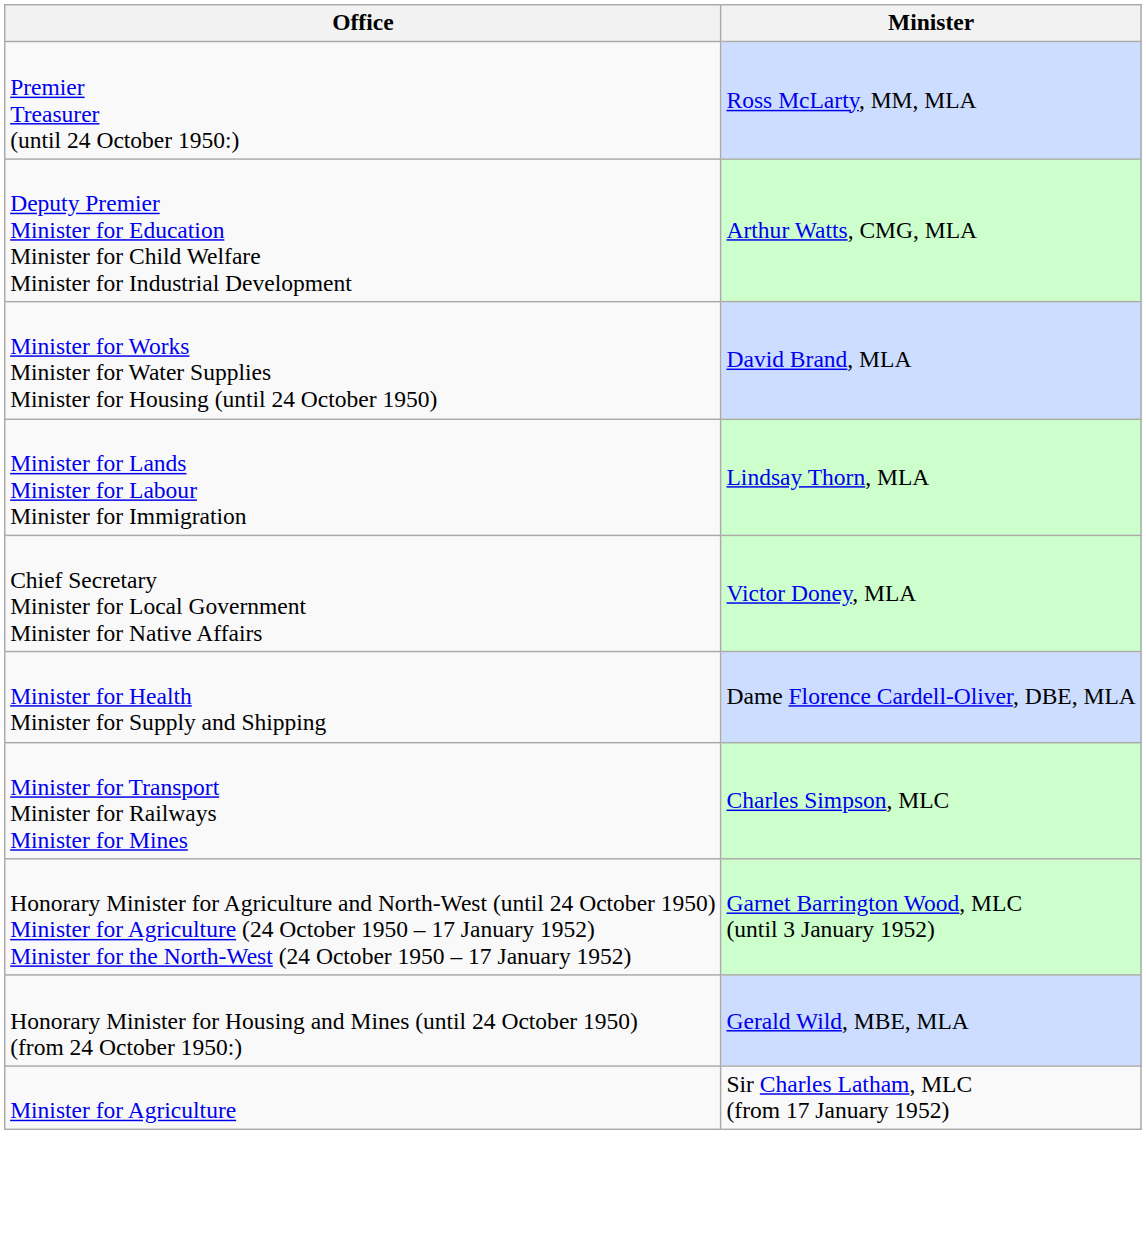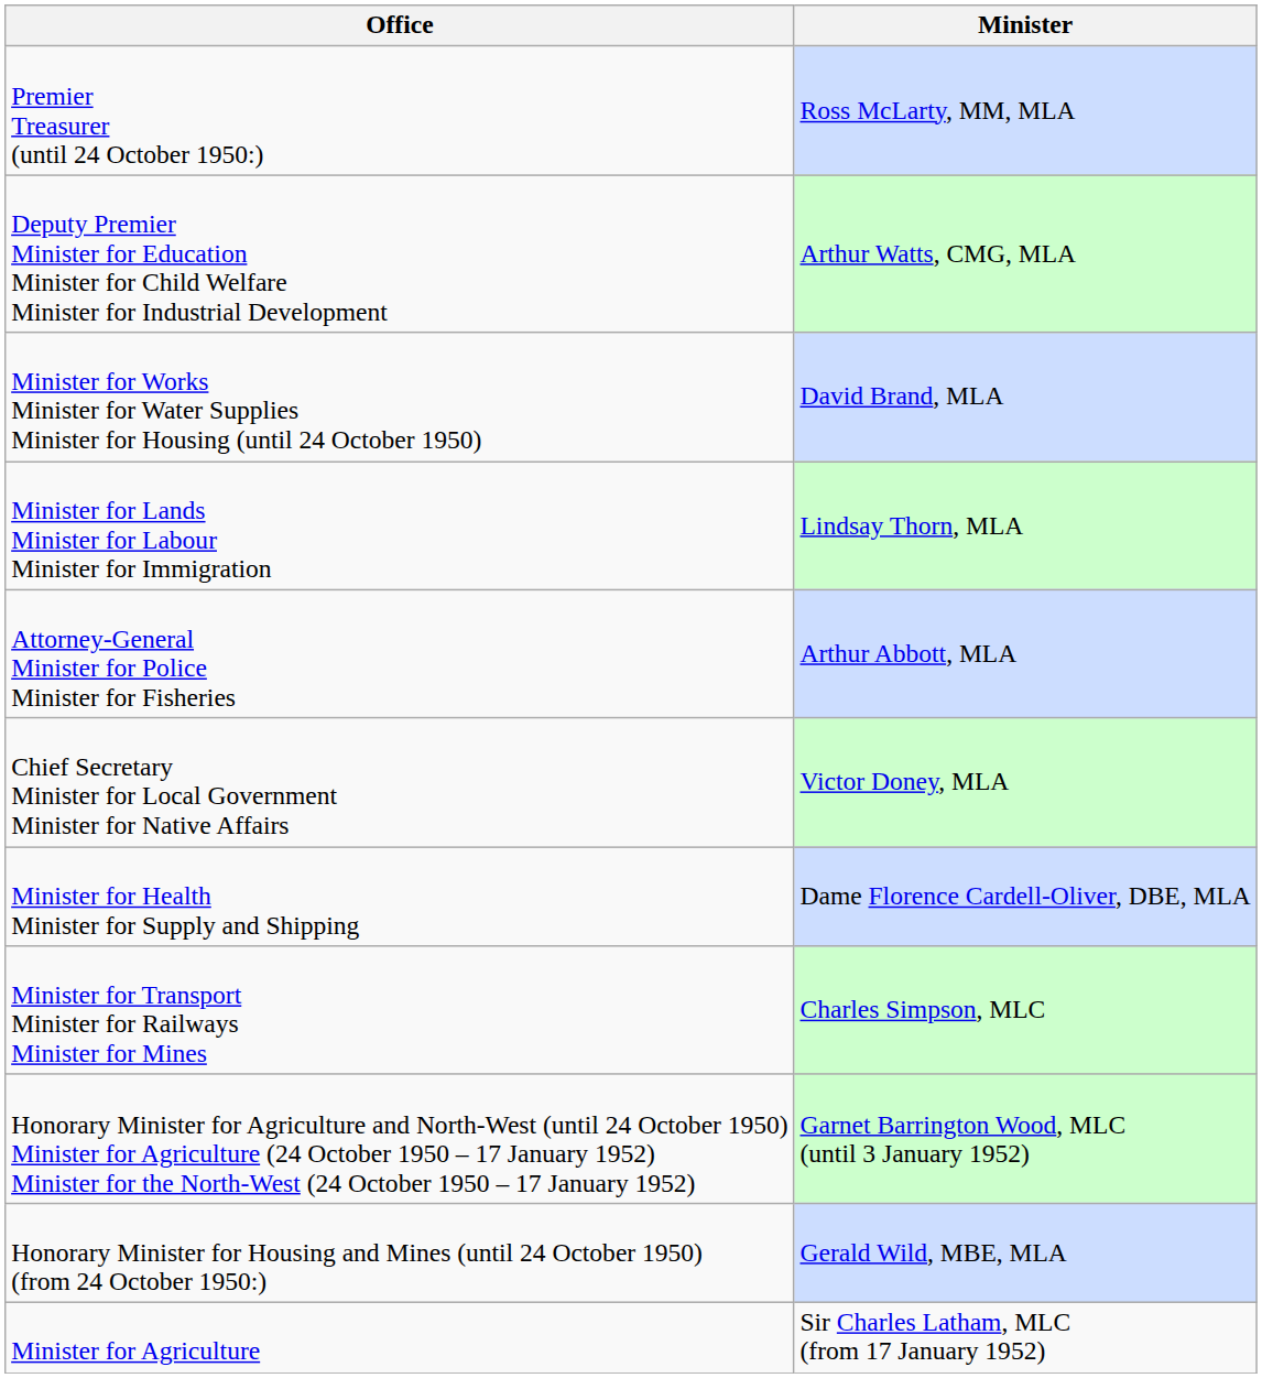 <table class="wikitable">
 <tr>
 <th>Office</th>
 <th>Minister</th>
 </tr>
 <tr>
 <td><br><a href='#'>Premier</a><br> <a href='#'>Treasurer</a><br>(until 24 October 1950:)</td>
 <td style="background:#CCDDFF"><a href='#'>Ross McLarty</a>, MM, MLA</td>
 </tr>
 <tr>
 <td><br><a href='#'>Deputy Premier</a><br> <a href='#'>Minister for Education</a><br> Minister for Child Welfare<br> Minister for Industrial Development<br></td>
 <td style="background:#CCFFCC"><a href='#'>Arthur Watts</a>, CMG, MLA</td>
 </tr>
 <tr>
 <td><br><a href='#'>Minister for Works</a><br> Minister for Water Supplies<br> Minister for Housing (until 24 October 1950)<br></td>
 <td style="background:#CCDDFF"><a href='#'>David Brand</a>, MLA</td>
 </tr>
 <tr>
 <td><br><a href='#'>Minister for Lands</a><br> <a href='#'>Minister for Labour</a><br> Minister for Immigration<br></td>
 <td style="background:#CCFFCC"><a href='#'>Lindsay Thorn</a>, MLA</td>
+</tr>
+<tr>
+<td><br><a href='#'>Attorney-General</a><br> <a href='#'>Minister for Police</a><br> Minister for Fisheries<br></td>
+<td style="background:#CCDDFF"><a href='#'>Arthur Abbott</a>, MLA</td>
 </tr>
 <tr>
 <td><br>Chief Secretary<br> Minister for Local Government<br> Minister for Native Affairs<br></td>
 <td style="background:#CCFFCC"><a href='#'>Victor Doney</a>, MLA</td>
 </tr>
 <tr>
 <td><br><a href='#'>Minister for Health</a><br> Minister for Supply and Shipping<br></td>
 <td style="background:#CCDDFF">Dame <a href='#'>Florence Cardell-Oliver</a>, DBE, MLA</td>
 </tr>
 <tr>
 <td><br><a href='#'>Minister for Transport</a><br> Minister for Railways<br> <a href='#'>Minister for Mines</a><br></td>
 <td style="background:#CCFFCC"><a href='#'>Charles Simpson</a>, MLC</td>
 </tr>
 <tr>
 <td><br>Honorary Minister for Agriculture and North-West (until 24 October 1950)<br> <a href='#'>Minister for Agriculture</a> (24 October 1950 – 17 January 1952)<br> <a href='#'>Minister for the North-West</a> (24 October 1950 – 17 January 1952)<br></td>
 <td style="background:#CCFFCC"><a href='#'>Garnet Barrington Wood</a>, MLC<br>(until 3 January 1952)</td>
 </tr>
 <tr>
 <td><br>Honorary Minister for Housing and Mines (until 24 October 1950)<br>(from 24 October 1950:)</td>
 <td style="background:#CCDDFF"><a href='#'>Gerald Wild</a>, MBE, MLA</td>
 </tr>
 <tr>
 <td><br><a href='#'>Minister for Agriculture</a></td>
 <td>Sir <a href='#'>Charles Latham</a>, MLC<br>(from 17 January 1952)</td>
 </tr>
 </table>
